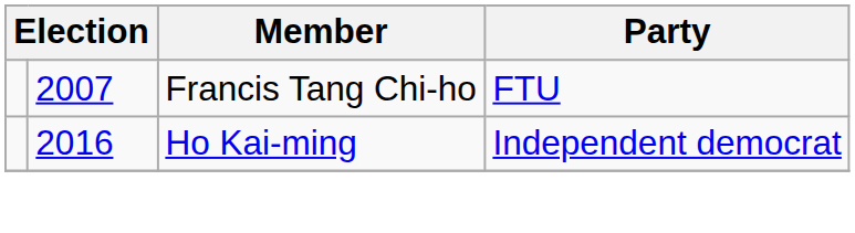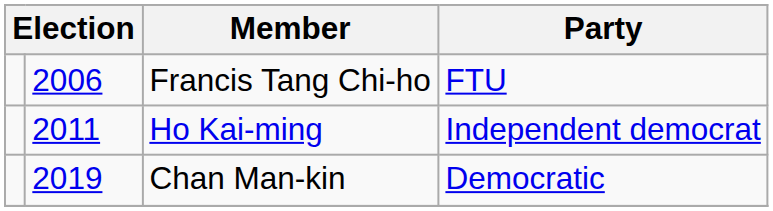 <table class="wikitable">
 <tr>
 <th colspan="2">Election</th>
 <th>Member</th>
 <th>Party</th>
 </tr>
 <tr>
 <td style="background-color:"></td>
-<td><a href='#'>2007</a></td>
+<td><a href='#'>2006</a></td>
 <td>Francis Tang Chi-ho</td>
 <td><a href='#'>FTU</a></td>
 </tr>
 <tr>
 <td style="background-color:"></td>
-<td><a href='#'>2016</a></td>
+<td><a href='#'>2011</a></td>
 <td><a href='#'>Ho Kai-ming</a></td>
 <td><a href='#'>Independent democrat</a></td>
 </tr>
 <tr>
+<td style="background-color:"></td>
+<td><a href='#'>2019</a></td>
+<td>Chan Man-kin</td>
+<td><a href='#'>Democratic</a></td>
+</tr>
+<tr>
 </tr>
 </table>
